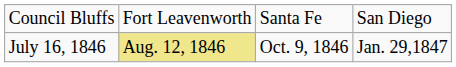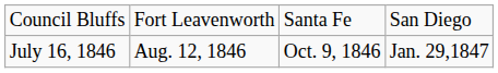 <table class="wikitable">
 <tr>
 <td>Council Bluffs</td>
 <td>Fort Leavenworth</td>
 <td>Santa Fe</td>
 <td>San Diego</td>
 </tr>
 <tr>
 <td>July 16, 1846</td>
-<td style="background: khaki;">Aug. 12, 1846</td>
+<td>Aug. 12, 1846</td>
 <td>Oct. 9, 1846</td>
 <td>Jan. 29,1847</td>
 </tr>
 </table>
